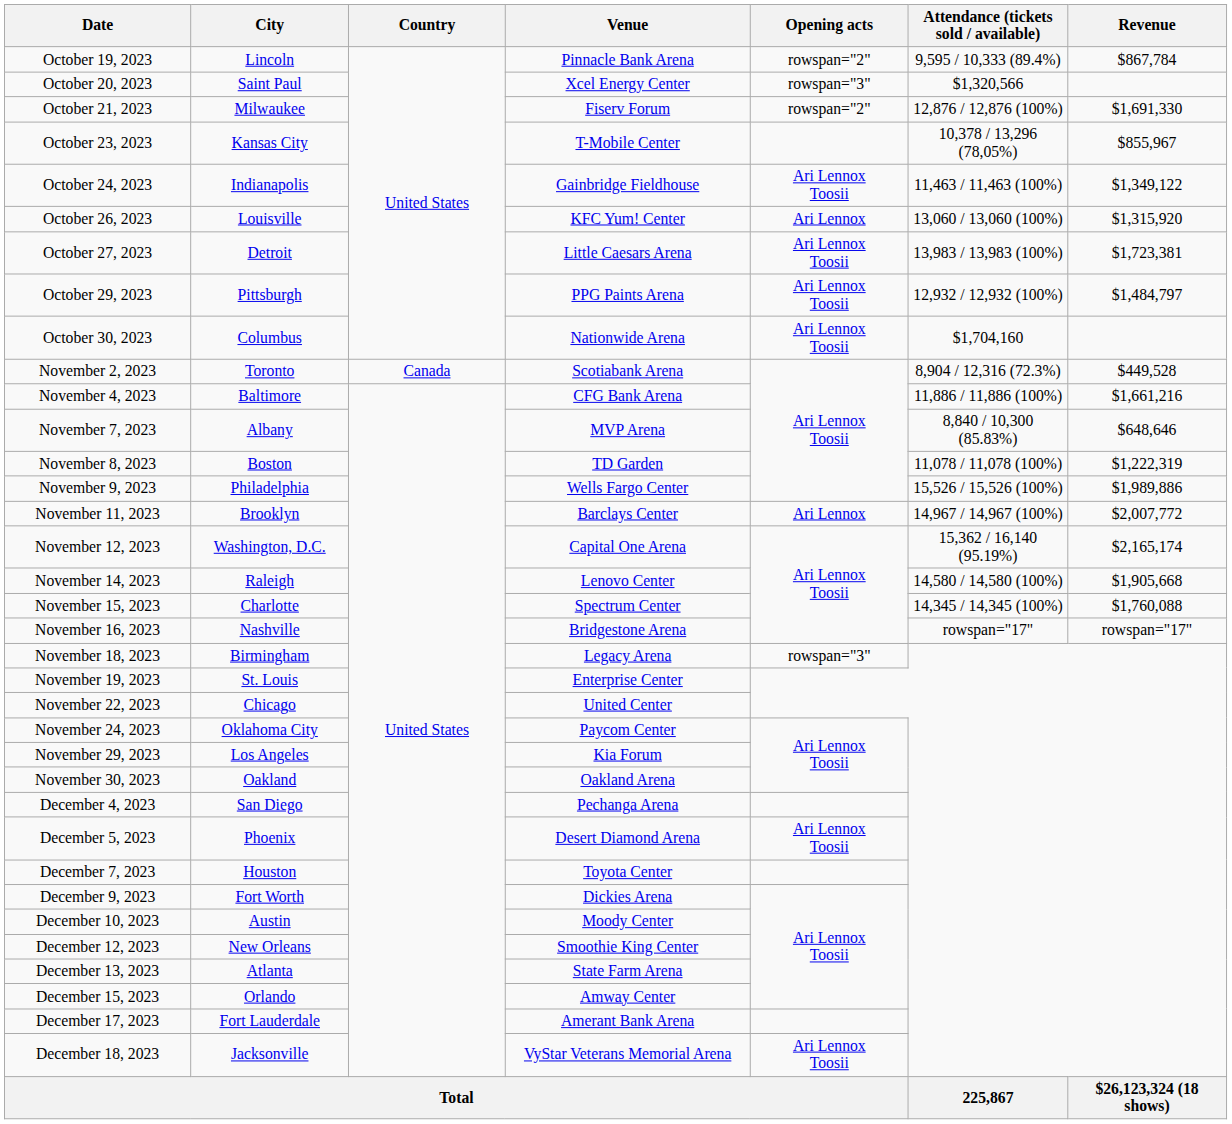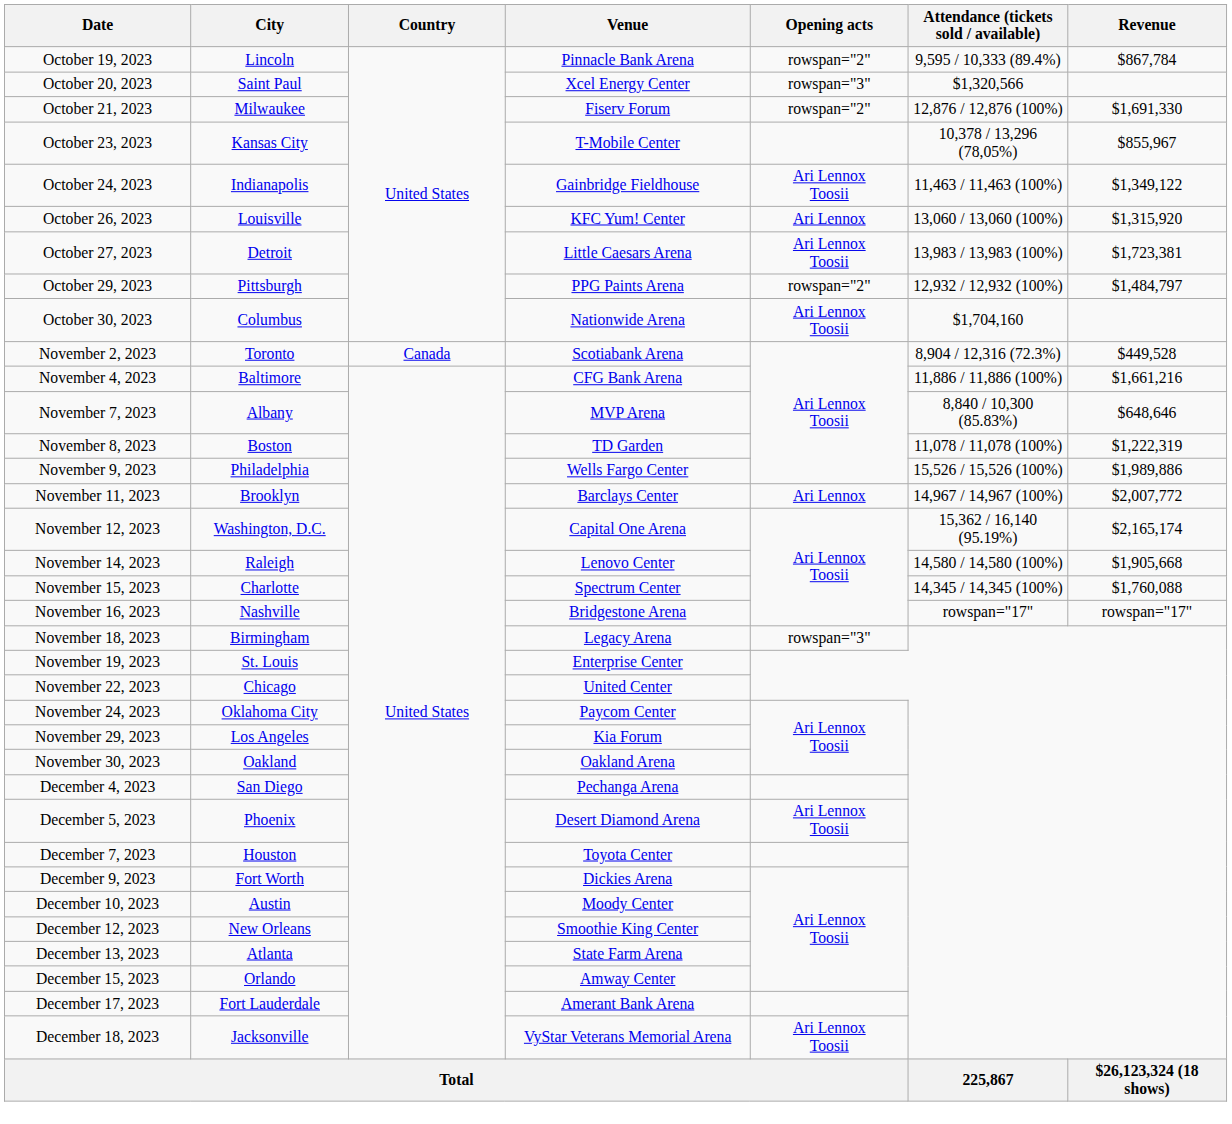 <table class="wikitable plainrowheaders" style="text-align:center;">
 <tr>
 <th scope="col" style="width:12em;">Date</th>
 <th scope="col" style="width:10em;">City</th>
 <th scope="col" style="width:10em;">Country</th>
 <th scope="col" style="width:16em;">Venue</th>
 <th scope="col" style="width:10em;">Opening acts</th>
 <th scope="col" style="width:10em;">Attendance (tickets sold / available)</th>
 <th scope="col" style="width:10em;">Revenue</th>
 </tr>
 <tr>
 <td>October 19, 2023</td>
 <td><a href='#'>Lincoln</a></td>
 <td rowspan="9"><a href='#'>United States</a></td>
 <td><a href='#'>Pinnacle Bank Arena</a></td>
 <td>rowspan="2" </td>
 <td>9,595 / 10,333 (89.4%)</td>
 <td>$867,784</td>
 </tr>
 <tr>
 <td>October 20, 2023</td>
 <td><a href='#'>Saint Paul</a></td>
 <td><a href='#'>Xcel Energy Center</a></td>
 <td>rowspan="3" </td>
 <td>$1,320,566</td>
 </tr>
 <tr>
 <td>October 21, 2023</td>
 <td><a href='#'>Milwaukee</a></td>
 <td><a href='#'>Fiserv Forum</a></td>
 <td>rowspan="2" </td>
 <td>12,876 / 12,876 (100%)</td>
 <td>$1,691,330</td>
 </tr>
 <tr>
 <td>October 23, 2023</td>
 <td><a href='#'>Kansas City</a></td>
 <td><a href='#'>T-Mobile Center</a></td>
 <td></td>
 <td>10,378 / 13,296 (78,05%)</td>
 <td>$855,967</td>
 </tr>
 <tr>
 <td>October 24, 2023</td>
 <td><a href='#'>Indianapolis</a></td>
 <td><a href='#'>Gainbridge Fieldhouse</a></td>
 <td><a href='#'>Ari Lennox</a><br><a href='#'>Toosii</a></td>
 <td>11,463 / 11,463 (100%)</td>
 <td>$1,349,122</td>
 </tr>
 <tr>
 <td>October 26, 2023</td>
 <td><a href='#'>Louisville</a></td>
 <td><a href='#'>KFC Yum! Center</a></td>
 <td><a href='#'>Ari Lennox</a></td>
 <td>13,060 / 13,060 (100%)</td>
 <td>$1,315,920</td>
 </tr>
 <tr>
 <td>October 27, 2023</td>
 <td><a href='#'>Detroit</a></td>
 <td><a href='#'>Little Caesars Arena</a></td>
 <td><a href='#'>Ari Lennox</a><br><a href='#'>Toosii</a></td>
 <td>13,983 / 13,983 (100%)</td>
 <td>$1,723,381</td>
 </tr>
 <tr>
 <td>October 29, 2023</td>
 <td><a href='#'>Pittsburgh</a></td>
 <td><a href='#'>PPG Paints Arena</a></td>
-<td><a href='#'>Ari Lennox</a><br><a href='#'>Toosii</a></td>
+<td>rowspan="2" </td>
 <td>12,932 / 12,932 (100%)</td>
 <td>$1,484,797</td>
 </tr>
 <tr>
 <td>October 30, 2023</td>
 <td><a href='#'>Columbus</a></td>
 <td><a href='#'>Nationwide Arena</a></td>
 <td><a href='#'>Ari Lennox</a><br><a href='#'>Toosii</a></td>
 <td>$1,704,160</td>
 </tr>
 <tr>
 <td>November 2, 2023</td>
 <td><a href='#'>Toronto</a></td>
 <td><a href='#'>Canada</a></td>
 <td><a href='#'>Scotiabank Arena</a></td>
 <td rowspan="5"><a href='#'>Ari Lennox</a><br><a href='#'>Toosii</a></td>
 <td>8,904 / 12,316 (72.3%)</td>
 <td>$449,528</td>
 </tr>
 <tr>
 <td>November 4, 2023</td>
 <td><a href='#'>Baltimore</a></td>
 <td rowspan="25"><a href='#'>United States</a></td>
 <td><a href='#'>CFG Bank Arena</a></td>
 <td>11,886 / 11,886 (100%)</td>
 <td>$1,661,216</td>
 </tr>
 <tr>
 <td>November 7, 2023</td>
 <td><a href='#'>Albany</a></td>
 <td><a href='#'>MVP Arena</a></td>
 <td>8,840 / 10,300 (85.83%)</td>
 <td>$648,646</td>
 </tr>
 <tr>
 <td>November 8, 2023</td>
 <td><a href='#'>Boston</a></td>
 <td><a href='#'>TD Garden</a></td>
 <td>11,078 / 11,078 (100%)</td>
 <td>$1,222,319</td>
 </tr>
 <tr>
 <td>November 9, 2023</td>
 <td><a href='#'>Philadelphia</a></td>
 <td><a href='#'>Wells Fargo Center</a></td>
 <td>15,526 / 15,526 (100%)</td>
 <td>$1,989,886</td>
 </tr>
 <tr>
 <td>November 11, 2023</td>
 <td><a href='#'>Brooklyn</a></td>
 <td><a href='#'>Barclays Center</a></td>
 <td><a href='#'>Ari Lennox</a></td>
 <td>14,967 / 14,967 (100%)</td>
 <td>$2,007,772</td>
 </tr>
 <tr>
 <td>November 12, 2023</td>
 <td><a href='#'>Washington, D.C.</a></td>
 <td><a href='#'>Capital One Arena</a></td>
 <td rowspan="4"><a href='#'>Ari Lennox</a><br><a href='#'>Toosii</a></td>
 <td>15,362 / 16,140 (95.19%)</td>
 <td>$2,165,174</td>
 </tr>
 <tr>
 <td>November 14, 2023</td>
 <td><a href='#'>Raleigh</a></td>
 <td><a href='#'>Lenovo Center</a></td>
 <td>14,580 / 14,580 (100%)</td>
 <td>$1,905,668</td>
 </tr>
 <tr>
 <td>November 15, 2023</td>
 <td><a href='#'>Charlotte</a></td>
 <td><a href='#'>Spectrum Center</a></td>
 <td>14,345 / 14,345 (100%)</td>
 <td>$1,760,088</td>
 </tr>
 <tr>
 <td>November 16, 2023</td>
 <td><a href='#'>Nashville</a></td>
 <td><a href='#'>Bridgestone Arena</a></td>
 <td>rowspan="17" </td>
 <td>rowspan="17" </td>
 </tr>
 <tr>
 <td>November 18, 2023</td>
 <td><a href='#'>Birmingham</a></td>
 <td><a href='#'>Legacy Arena</a></td>
 <td>rowspan="3" </td>
 </tr>
 <tr>
 <td>November 19, 2023</td>
 <td><a href='#'>St. Louis</a></td>
 <td><a href='#'>Enterprise Center</a></td>
 </tr>
 <tr>
 <td>November 22, 2023</td>
 <td><a href='#'>Chicago</a></td>
 <td><a href='#'>United Center</a></td>
 </tr>
 <tr>
 <td>November 24, 2023</td>
 <td><a href='#'>Oklahoma City</a></td>
 <td><a href='#'>Paycom Center</a></td>
 <td rowspan="3"><a href='#'>Ari Lennox</a><br><a href='#'>Toosii</a></td>
 </tr>
 <tr>
 <td>November 29, 2023</td>
 <td><a href='#'>Los Angeles</a></td>
 <td><a href='#'>Kia Forum</a></td>
 </tr>
 <tr>
 <td>November 30, 2023</td>
 <td><a href='#'>Oakland</a></td>
 <td><a href='#'>Oakland Arena</a></td>
 </tr>
 <tr>
 <td>December 4, 2023</td>
 <td><a href='#'>San Diego</a></td>
 <td><a href='#'>Pechanga Arena</a></td>
 <td></td>
 </tr>
 <tr>
 <td>December 5, 2023</td>
 <td><a href='#'>Phoenix</a></td>
 <td><a href='#'>Desert Diamond Arena</a></td>
 <td><a href='#'>Ari Lennox</a><br><a href='#'>Toosii</a></td>
 </tr>
 <tr>
 <td>December 7, 2023</td>
 <td><a href='#'>Houston</a></td>
 <td><a href='#'>Toyota Center</a></td>
 <td></td>
 </tr>
 <tr>
 <td>December 9, 2023</td>
 <td><a href='#'>Fort Worth</a></td>
 <td><a href='#'>Dickies Arena</a></td>
 <td rowspan="5"><a href='#'>Ari Lennox</a><br><a href='#'>Toosii</a></td>
 </tr>
 <tr>
 <td>December 10, 2023</td>
 <td><a href='#'>Austin</a></td>
 <td><a href='#'>Moody Center</a></td>
 </tr>
 <tr>
 <td>December 12, 2023</td>
 <td><a href='#'>New Orleans</a></td>
 <td><a href='#'>Smoothie King Center</a></td>
 </tr>
 <tr>
 <td>December 13, 2023</td>
 <td><a href='#'>Atlanta</a></td>
 <td><a href='#'>State Farm Arena</a></td>
 </tr>
 <tr>
 <td>December 15, 2023</td>
 <td><a href='#'>Orlando</a></td>
 <td><a href='#'>Amway Center</a></td>
 </tr>
 <tr>
 <td>December 17, 2023</td>
 <td><a href='#'>Fort Lauderdale</a></td>
 <td><a href='#'>Amerant Bank Arena</a></td>
 <td></td>
 </tr>
 <tr>
 <td>December 18, 2023</td>
 <td><a href='#'>Jacksonville</a></td>
 <td><a href='#'>VyStar Veterans Memorial Arena</a></td>
 <td><a href='#'>Ari Lennox</a><br><a href='#'>Toosii</a></td>
 </tr>
 <tr>
 <th colspan="5">Total</th>
 <th>225,867</th>
 <th>$26,123,324 (18 shows)</th>
 </tr>
 </table>
